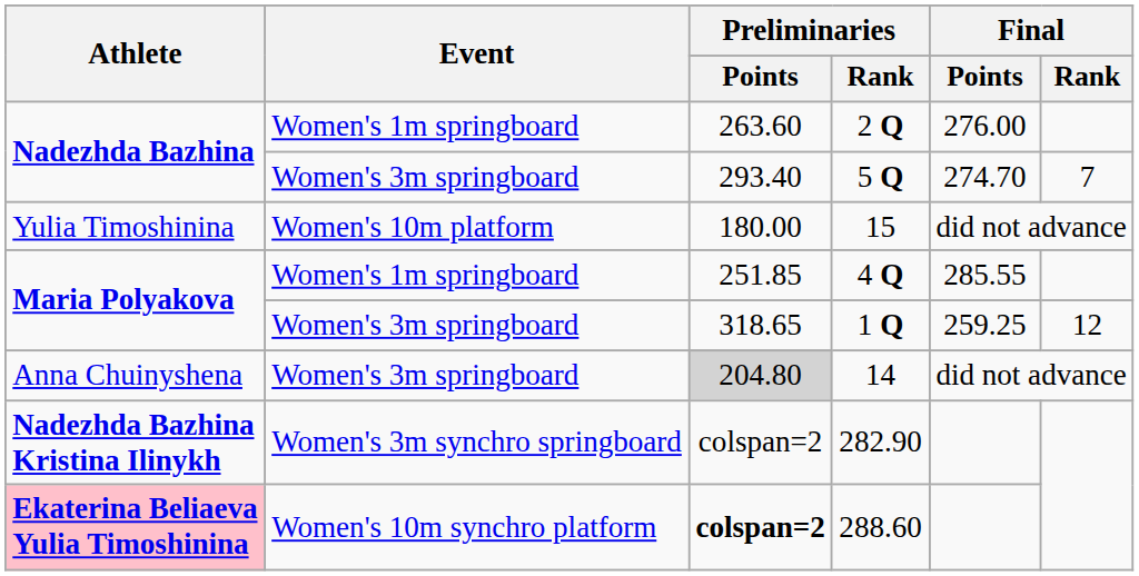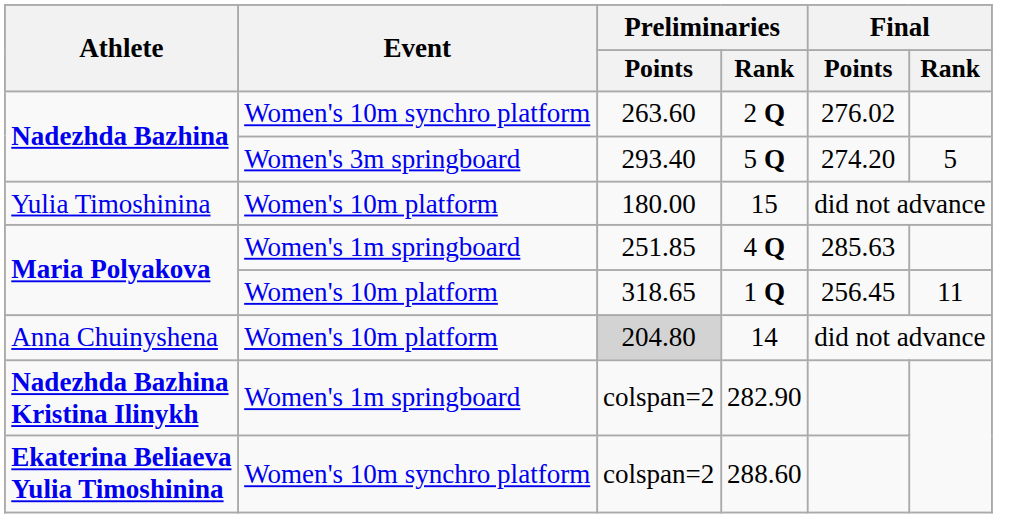 <table class=wikitable style="font-size:90%">
 <tr>
 <th rowspan="2">Athlete</th>
 <th rowspan="2">Event</th>
 <th colspan="2">Preliminaries</th>
 <th colspan="2">Final</th>
 </tr>
 <tr style="font-size:95%">
 <th>Points</th>
 <th>Rank</th>
 <th>Points</th>
 <th>Rank</th>
 </tr>
 <tr align=center>
 <td align=left rowspan=2><strong><a href='#'>Nadezhda Bazhina</a></strong></td>
-<td align=left><a href='#'>Women's 1m springboard</a></td>
+<td align=left><a href='#'>Women's 10m synchro platform</a></td>
 <td>263.60</td>
 <td>2 <strong>Q</strong></td>
-<td>276.00</td>
+<td>276.02</td>
 <td></td>
 </tr>
 <tr align=center>
 <td align=left><a href='#'>Women's 3m springboard</a></td>
 <td>293.40</td>
 <td>5 <strong>Q</strong></td>
-<td>274.70</td>
-<td>7</td>
+<td>274.20</td>
+<td>5</td>
 </tr>
 <tr align=center>
 <td align=left><a href='#'>Yulia Timoshinina</a></td>
 <td align=left><a href='#'>Women's 10m platform</a></td>
 <td>180.00</td>
 <td>15</td>
 <td colspan=2>did not advance</td>
 </tr>
 <tr align=center>
 <td align=left rowspan=2><strong><a href='#'>Maria Polyakova</a></strong></td>
 <td align=left><a href='#'>Women's 1m springboard</a></td>
 <td>251.85</td>
 <td>4 <strong>Q</strong></td>
-<td>285.55</td>
+<td>285.63</td>
 <td></td>
 </tr>
 <tr align=center>
-<td align=left><a href='#'>Women's 3m springboard</a></td>
+<td align=left><a href='#'>Women's 10m platform</a></td>
 <td>318.65</td>
 <td>1 <strong>Q</strong></td>
-<td>259.25</td>
-<td>12</td>
+<td>256.45</td>
+<td>11</td>
 </tr>
 <tr align=center>
 <td align=left><a href='#'>Anna Chuinyshena</a></td>
-<td align=left><a href='#'>Women's 3m springboard</a></td>
+<td align=left><a href='#'>Women's 10m platform</a></td>
 <td style="background: lightgrey;">204.80</td>
 <td>14</td>
 <td colspan=2>did not advance</td>
 </tr>
 <tr align=center>
 <td align=left><strong><a href='#'>Nadezhda Bazhina</a><br><a href='#'>Kristina Ilinykh</a></strong></td>
-<td align=left><a href='#'>Women's 3m synchro springboard</a></td>
+<td align=left><a href='#'>Women's 1m springboard</a></td>
 <td>colspan=2 </td>
 <td>282.90</td>
 <td></td>
 </tr>
 <tr align=center>
-<td align=left style="background: pink;"><strong><a href='#'>Ekaterina Beliaeva</a><br><a href='#'>Yulia Timoshinina</a></strong></td>
+<td align=left><strong><a href='#'>Ekaterina Beliaeva</a><br><a href='#'>Yulia Timoshinina</a></strong></td>
 <td align=left><a href='#'>Women's 10m synchro platform</a></td>
-<td><strong>colspan=2 </strong></td>
+<td>colspan=2 </td>
 <td>288.60</td>
 <td></td>
 </tr>
 </table>
